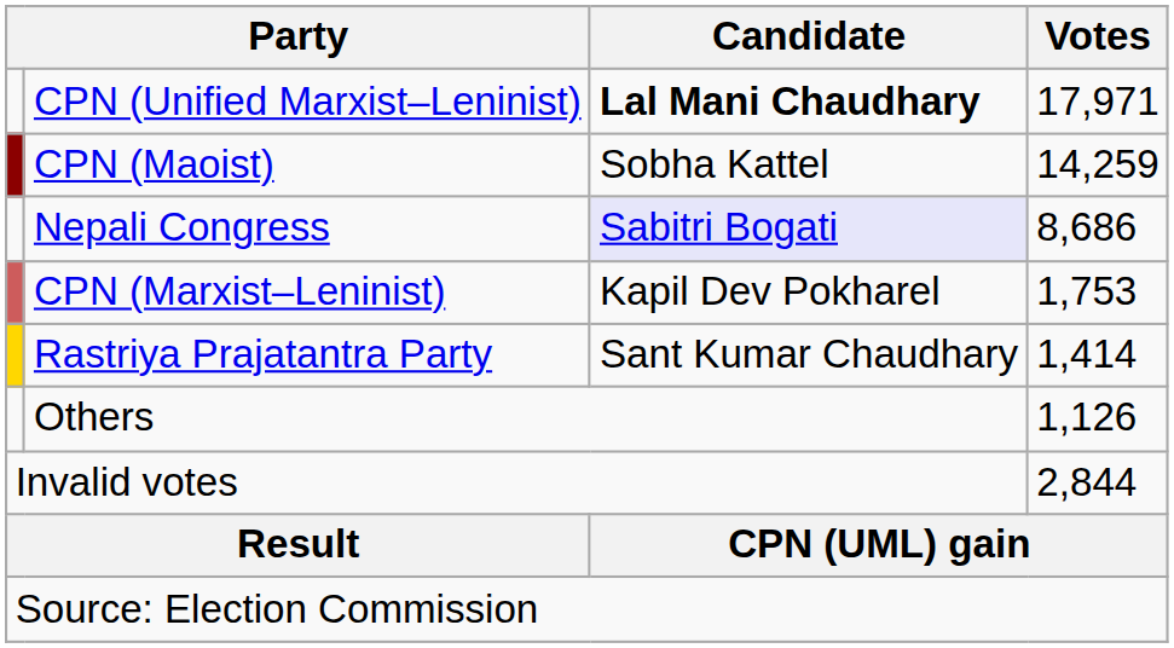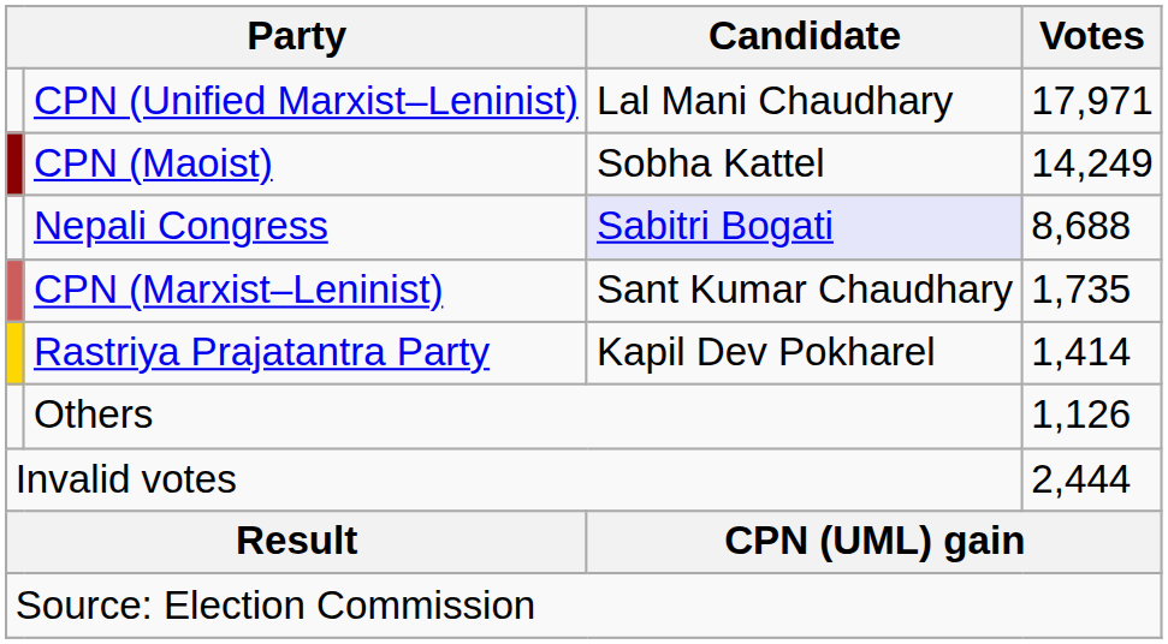 <table class="wikitable">
 <tr>
 <th colspan="2">Party</th>
 <th>Candidate</th>
 <th>Votes</th>
 </tr>
 <tr>
 <td style="background-color:"></td>
 <td><a href='#'>CPN (Unified Marxist–Leninist)</a></td>
-<td><strong>Lal Mani Chaudhary</strong></td>
+<td>Lal Mani Chaudhary</td>
 <td>17,971</td>
 </tr>
 <tr>
 <td style="background-color:darkred"></td>
 <td><a href='#'>CPN (Maoist)</a></td>
 <td>Sobha Kattel</td>
-<td>14,259</td>
+<td>14,249</td>
 </tr>
 <tr>
 <td style="background-color:"></td>
 <td><a href='#'>Nepali Congress</a></td>
 <td style="background: lavender;"><a href='#'>Sabitri Bogati</a></td>
-<td>8,686</td>
+<td>8,688</td>
 </tr>
 <tr>
 <td style="background-color:indianred"></td>
 <td><a href='#'>CPN (Marxist–Leninist)</a></td>
-<td>Kapil Dev Pokharel</td>
-<td>1,753</td>
+<td>Sant Kumar Chaudhary</td>
+<td>1,735</td>
 </tr>
 <tr>
 <td style="background-color:gold"></td>
 <td><a href='#'>Rastriya Prajatantra Party</a></td>
-<td>Sant Kumar Chaudhary</td>
+<td>Kapil Dev Pokharel</td>
 <td>1,414</td>
 </tr>
 <tr>
 <td></td>
 <td colspan="2">Others</td>
 <td>1,126</td>
 </tr>
 <tr>
 <td colspan="3">Invalid votes</td>
-<td>2,844</td>
+<td>2,444</td>
 </tr>
 <tr>
 <th colspan="2">Result</th>
 <th colspan="2">CPN (UML) gain</th>
 </tr>
 <tr>
 <td colspan="4">Source: Election Commission</td>
 </tr>
 </table>
